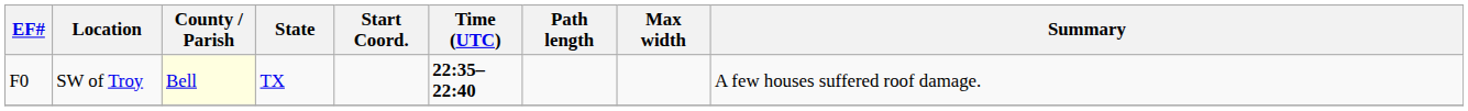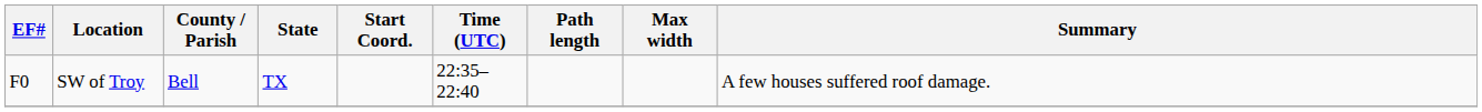 <table class="wikitable sortable" style="width:100%;">
 <tr>
 <th scope="col"  style="width:3%; text-align:center;"><a href='#'>EF#</a></th>
 <th scope="col"  style="width:7%; text-align:center;" class="unsortable">Location</th>
 <th scope="col"  style="width:6%; text-align:center;" class="unsortable">County / Parish</th>
 <th scope="col"  style="width:5%; text-align:center;">State</th>
 <th scope="col"  style="width:6%; text-align:center;">Start Coord.</th>
 <th scope="col"  style="width:6%; text-align:center;">Time (<a href='#'>UTC</a>)</th>
 <th scope="col"  style="width:6%; text-align:center;">Path length</th>
 <th scope="col"  style="width:6%; text-align:center;">Max width</th>
 <th scope="col" class="unsortable" style="width:48%; text-align:center;">Summary</th>
 </tr>
 <tr>
 <td>F0</td>
 <td>SW of <a href='#'>Troy</a></td>
-<td style="background: lightyellow;"><a href='#'>Bell</a></td>
+<td><a href='#'>Bell</a></td>
 <td><a href='#'>TX</a></td>
 <td></td>
-<td><strong>22:35–22:40</strong></td>
+<td>22:35–22:40</td>
 <td></td>
 <td></td>
 <td>A few houses suffered roof damage.</td>
 </tr>
 <tr>
 </tr>
 </table>
